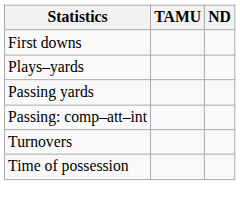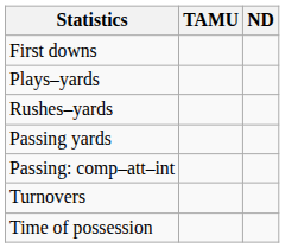 <table class="wikitable" style="float:left">
 <tr>
 <th>Statistics</th>
 <th>TAMU</th>
 <th>ND</th>
 </tr>
 <tr>
 <td>First downs</td>
 <td></td>
 <td></td>
 </tr>
 <tr>
 <td>Plays–yards</td>
+<td></td>
+<td></td>
+</tr>
+<tr>
+<td>Rushes–yards</td>
 <td></td>
 <td></td>
 </tr>
 <tr>
 <td>Passing yards</td>
 <td></td>
 <td></td>
 </tr>
 <tr>
 <td>Passing: comp–att–int</td>
 <td></td>
 <td></td>
 </tr>
 <tr>
 <td>Turnovers</td>
 <td></td>
 <td></td>
 </tr>
 <tr>
 <td>Time of possession</td>
 <td></td>
 <td></td>
 </tr>
 </table>
